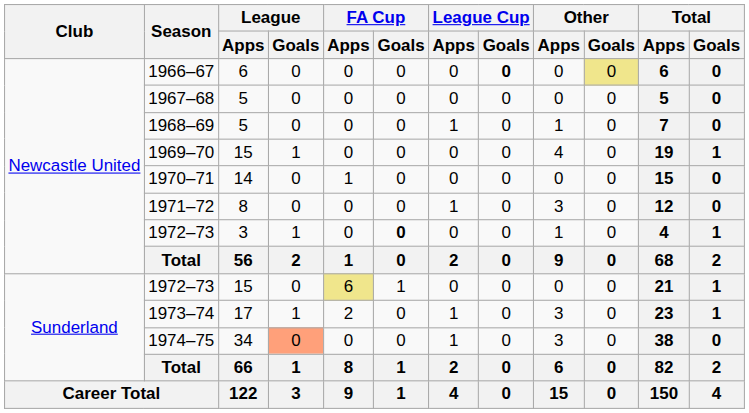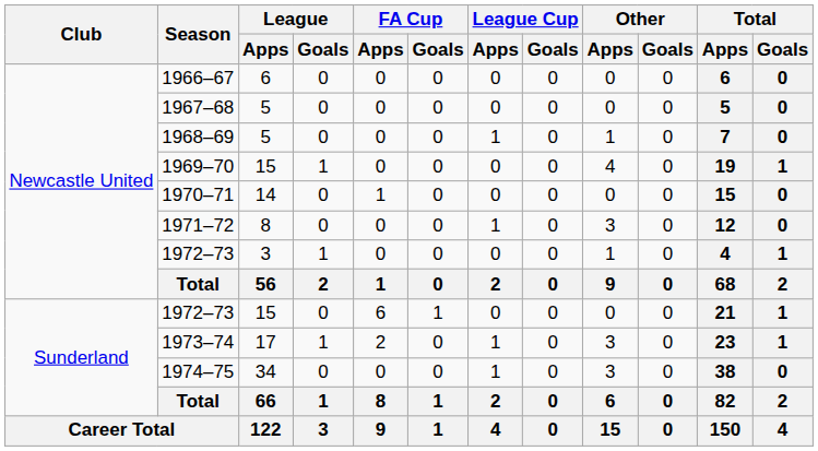 <table class="wikitable" style="text-align: center">
 <tr>
 <th rowspan="2">Club</th>
 <th rowspan="2">Season</th>
 <th colspan="2">League</th>
 <th colspan="2"><a href='#'>FA Cup</a></th>
 <th colspan="2"><a href='#'>League Cup</a></th>
 <th colspan="2">Other</th>
 <th colspan="2">Total</th>
 </tr>
 <tr>
 <th>Apps</th>
 <th>Goals</th>
 <th>Apps</th>
 <th>Goals</th>
 <th>Apps</th>
 <th>Goals</th>
 <th>Apps</th>
 <th>Goals</th>
 <th>Apps</th>
 <th>Goals</th>
 </tr>
 <tr>
 <td rowspan="8"><a href='#'>Newcastle United</a></td>
 <td>1966–67</td>
 <td>6</td>
 <td>0</td>
 <td>0</td>
 <td>0</td>
 <td>0</td>
-<td><strong>0</strong></td>
 <td>0</td>
-<td style="background: khaki;">0</td>
+<td>0</td>
+<td>0</td>
 <th>6</th>
 <th>0</th>
 </tr>
 <tr>
 <td>1967–68</td>
 <td>5</td>
 <td>0</td>
 <td>0</td>
 <td>0</td>
 <td>0</td>
 <td>0</td>
 <td>0</td>
 <td>0</td>
 <th>5</th>
 <th>0</th>
 </tr>
 <tr>
 <td>1968–69</td>
 <td>5</td>
 <td>0</td>
 <td>0</td>
 <td>0</td>
 <td>1</td>
 <td>0</td>
 <td>1</td>
 <td>0</td>
 <th>7</th>
 <th>0</th>
 </tr>
 <tr>
 <td>1969–70</td>
 <td>15</td>
 <td>1</td>
 <td>0</td>
 <td>0</td>
 <td>0</td>
 <td>0</td>
 <td>4</td>
 <td>0</td>
 <th>19</th>
 <th>1</th>
 </tr>
 <tr>
 <td>1970–71</td>
 <td>14</td>
 <td>0</td>
 <td>1</td>
 <td>0</td>
 <td>0</td>
 <td>0</td>
 <td>0</td>
 <td>0</td>
 <th>15</th>
 <th>0</th>
 </tr>
 <tr>
 <td>1971–72</td>
 <td>8</td>
 <td>0</td>
 <td>0</td>
 <td>0</td>
 <td>1</td>
 <td>0</td>
 <td>3</td>
 <td>0</td>
 <th>12</th>
 <th>0</th>
 </tr>
 <tr>
 <td>1972–73</td>
 <td>3</td>
 <td>1</td>
 <td>0</td>
-<td><strong>0</strong></td>
+<td>0</td>
 <td>0</td>
 <td>0</td>
 <td>1</td>
 <td>0</td>
 <th>4</th>
 <th>1</th>
 </tr>
 <tr>
 <th>Total</th>
 <th>56</th>
 <th>2</th>
 <th>1</th>
 <th>0</th>
 <th>2</th>
 <th>0</th>
 <th>9</th>
 <th>0</th>
 <th>68</th>
 <th>2</th>
 </tr>
 <tr>
 <td rowspan="4"><a href='#'>Sunderland</a></td>
 <td>1972–73</td>
 <td>15</td>
 <td>0</td>
-<td style="background: khaki;">6</td>
+<td>6</td>
 <td>1</td>
 <td>0</td>
 <td>0</td>
 <td>0</td>
 <td>0</td>
 <th>21</th>
 <th>1</th>
 </tr>
 <tr>
 <td>1973–74</td>
 <td>17</td>
 <td>1</td>
 <td>2</td>
 <td>0</td>
 <td>1</td>
 <td>0</td>
 <td>3</td>
 <td>0</td>
 <th>23</th>
 <th>1</th>
 </tr>
 <tr>
 <td>1974–75</td>
 <td>34</td>
-<td style="background: lightsalmon;">0</td>
+<td>0</td>
 <td>0</td>
 <td>0</td>
 <td>1</td>
 <td>0</td>
 <td>3</td>
 <td>0</td>
 <th>38</th>
 <th>0</th>
 </tr>
 <tr>
 <th>Total</th>
 <th>66</th>
 <th>1</th>
 <th>8</th>
 <th>1</th>
 <th>2</th>
 <th>0</th>
 <th>6</th>
 <th>0</th>
 <th>82</th>
 <th>2</th>
 </tr>
 <tr>
 <th colspan="2">Career Total</th>
 <th>122</th>
 <th>3</th>
 <th>9</th>
 <th>1</th>
 <th>4</th>
 <th>0</th>
 <th>15</th>
 <th>0</th>
 <th>150</th>
 <th>4</th>
 </tr>
 </table>
